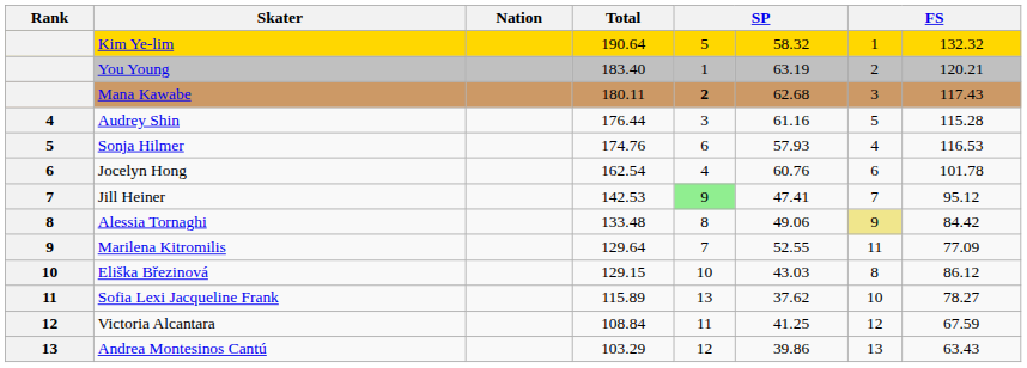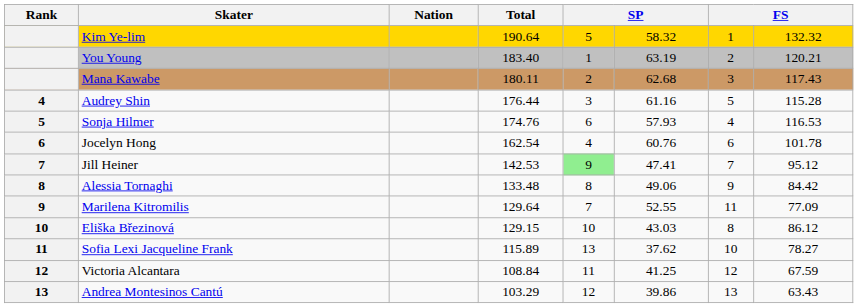 <table class="wikitable sortable" style="text-align:center;" width="80%">
 <tr>
 <th scope="col">Rank</th>
 <th scope="col">Skater</th>
 <th scope="col">Nation</th>
 <th scope="col">Total</th>
 <th scope="col" colspan="2" width="80px"><a href='#'>SP</a></th>
 <th scope="col" colspan="2" width="80px"><a href='#'>FS</a></th>
 </tr>
 <tr bgcolor="gold">
 <th scope="row"></th>
 <td align="left"><a href='#'>Kim Ye-lim</a></td>
 <td align="left"></td>
 <td align="center">190.64</td>
 <td align="center">5</td>
 <td align="center">58.32</td>
 <td align="center">1</td>
 <td align="center">132.32</td>
 </tr>
 <tr bgcolor="silver">
 <th scope="row"></th>
 <td align="left"><a href='#'>You Young</a></td>
 <td align="left"></td>
 <td>183.40</td>
 <td>1</td>
 <td>63.19</td>
 <td>2</td>
 <td>120.21</td>
 </tr>
 <tr bgcolor="cc9966">
 <th scope="row"></th>
 <td align="left"><a href='#'>Mana Kawabe</a></td>
 <td align="left"></td>
 <td>180.11</td>
-<td><strong>2</strong></td>
+<td>2</td>
 <td>62.68</td>
 <td>3</td>
 <td>117.43</td>
 </tr>
 <tr>
 <th scope="row">4</th>
 <td align="left"><a href='#'>Audrey Shin</a></td>
 <td align="left"></td>
 <td>176.44</td>
 <td>3</td>
 <td>61.16</td>
 <td>5</td>
 <td>115.28</td>
 </tr>
 <tr>
 <th scope="row">5</th>
 <td align="left"><a href='#'>Sonja Hilmer</a></td>
 <td align="left"></td>
 <td>174.76</td>
 <td>6</td>
 <td>57.93</td>
 <td>4</td>
 <td>116.53</td>
 </tr>
 <tr>
 <th scope="row">6</th>
 <td align="left">Jocelyn Hong</td>
 <td align="left"></td>
 <td>162.54</td>
 <td>4</td>
 <td>60.76</td>
 <td>6</td>
 <td>101.78</td>
 </tr>
 <tr>
 <th scope="row">7</th>
 <td align="left">Jill Heiner</td>
 <td align="left"></td>
 <td>142.53</td>
 <td style="background: lightgreen;">9</td>
 <td>47.41</td>
 <td>7</td>
 <td>95.12</td>
 </tr>
 <tr>
 <th scope="row">8</th>
 <td align="left"><a href='#'>Alessia Tornaghi</a></td>
 <td align="left"></td>
 <td>133.48</td>
 <td>8</td>
 <td>49.06</td>
-<td style="background: khaki;">9</td>
+<td>9</td>
 <td>84.42</td>
 </tr>
 <tr>
 <th scope="row">9</th>
 <td align="left"><a href='#'>Marilena Kitromilis</a></td>
 <td align="left"></td>
 <td>129.64</td>
 <td>7</td>
 <td>52.55</td>
 <td>11</td>
 <td>77.09</td>
 </tr>
 <tr>
 <th scope="row">10</th>
 <td align="left"><a href='#'>Eliška Březinová</a></td>
 <td align="left"></td>
 <td>129.15</td>
 <td>10</td>
 <td>43.03</td>
 <td>8</td>
 <td>86.12</td>
 </tr>
 <tr>
 <th scope="row">11</th>
 <td align="left"><a href='#'>Sofia Lexi Jacqueline Frank</a></td>
 <td align="left"></td>
 <td>115.89</td>
 <td>13</td>
 <td>37.62</td>
 <td>10</td>
 <td>78.27</td>
 </tr>
 <tr>
 <th scope="row">12</th>
 <td align="left">Victoria Alcantara</td>
 <td align="left"></td>
 <td>108.84</td>
 <td>11</td>
 <td>41.25</td>
 <td>12</td>
 <td>67.59</td>
 </tr>
 <tr>
 <th scope="row">13</th>
 <td align="left"><a href='#'>Andrea Montesinos Cantú</a></td>
 <td align="left"></td>
 <td>103.29</td>
 <td>12</td>
 <td>39.86</td>
 <td>13</td>
 <td>63.43</td>
 </tr>
 </table>
